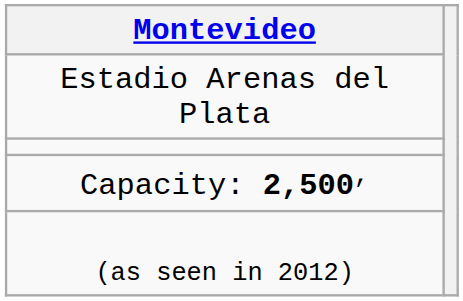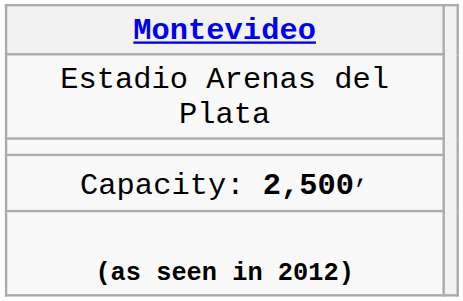 <table class="wikitable" style="margin-left: auto; margin-right: auto; text-align:center">
 <tr>
 <th width=180><a href='#'>Montevideo</a> <br></th>
 <th rowspan=5 colspan=2></th>
 </tr>
 <tr>
 <td>Estadio Arenas del Plata</td>
 </tr>
 <tr>
 <td><small></small></td>
 </tr>
 <tr>
 <td>Capacity: <strong>2,500</strong><sup>,</sup> </td>
 </tr>
 <tr>
-<td><br><small>(as seen in 2012)</small></td>
+<td><strong><br><small>(as seen in 2012)</small></strong></td>
 </tr>
 </table>
